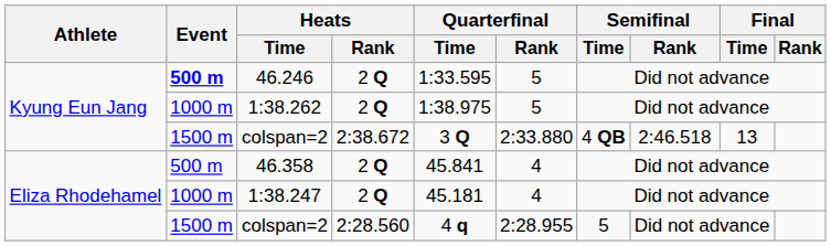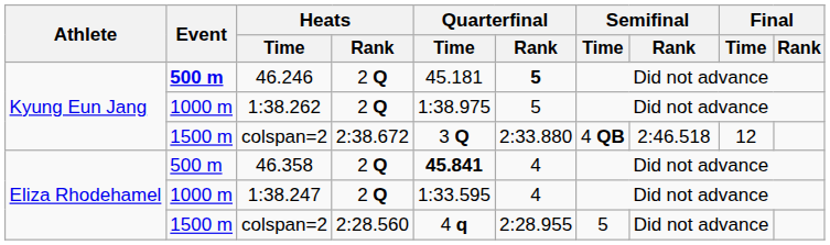 <table class="wikitable" style="font-size:90%">
 <tr>
 <th rowspan=2>Athlete</th>
 <th rowspan=2>Event</th>
 <th colspan=2>Heats</th>
 <th colspan=2>Quarterfinal</th>
 <th colspan=2>Semifinal</th>
 <th colspan=2>Final</th>
 </tr>
 <tr style="font-size:95%">
 <th>Time</th>
 <th>Rank</th>
 <th>Time</th>
 <th>Rank</th>
 <th>Time</th>
 <th>Rank</th>
 <th>Time</th>
 <th>Rank</th>
 </tr>
 <tr align=center>
 <td align=left rowspan=3><a href='#'>Kyung Eun Jang</a></td>
 <td align=left><strong><a href='#'>500 m</a></strong></td>
 <td>46.246</td>
 <td>2 <strong>Q</strong></td>
-<td>1:33.595</td>
-<td>5</td>
+<td>45.181</td>
+<td><strong>5</strong></td>
 <td colspan=4>Did not advance</td>
 </tr>
 <tr align=center>
 <td align=left><a href='#'>1000 m</a></td>
 <td>1:38.262</td>
 <td>2 <strong>Q</strong></td>
 <td>1:38.975</td>
 <td>5</td>
 <td colspan=4>Did not advance</td>
 </tr>
 <tr align=center>
 <td align=left><a href='#'>1500 m</a></td>
 <td>colspan=2</td>
 <td>2:38.672</td>
 <td>3 <strong>Q</strong></td>
 <td>2:33.880</td>
 <td>4 <strong>QB</strong></td>
 <td>2:46.518</td>
-<td>13</td>
+<td>12</td>
 </tr>
 <tr align=center>
 <td align=left rowspan=3><a href='#'>Eliza Rhodehamel</a></td>
 <td align=left><a href='#'>500 m</a></td>
 <td>46.358</td>
 <td>2 <strong>Q</strong></td>
-<td>45.841</td>
+<td><strong>45.841</strong></td>
 <td>4</td>
 <td colspan=4>Did not advance</td>
 </tr>
 <tr align=center>
 <td align=left><a href='#'>1000 m</a></td>
 <td>1:38.247</td>
 <td>2 <strong>Q</strong></td>
-<td>45.181</td>
+<td>1:33.595</td>
 <td>4</td>
 <td colspan=4>Did not advance</td>
 </tr>
 <tr align=center>
 <td align=left><a href='#'>1500 m</a></td>
 <td>colspan=2</td>
 <td>2:28.560</td>
 <td>4 <strong>q</strong></td>
 <td>2:28.955</td>
 <td>5</td>
 <td colspan=2>Did not advance</td>
 </tr>
 </table>
